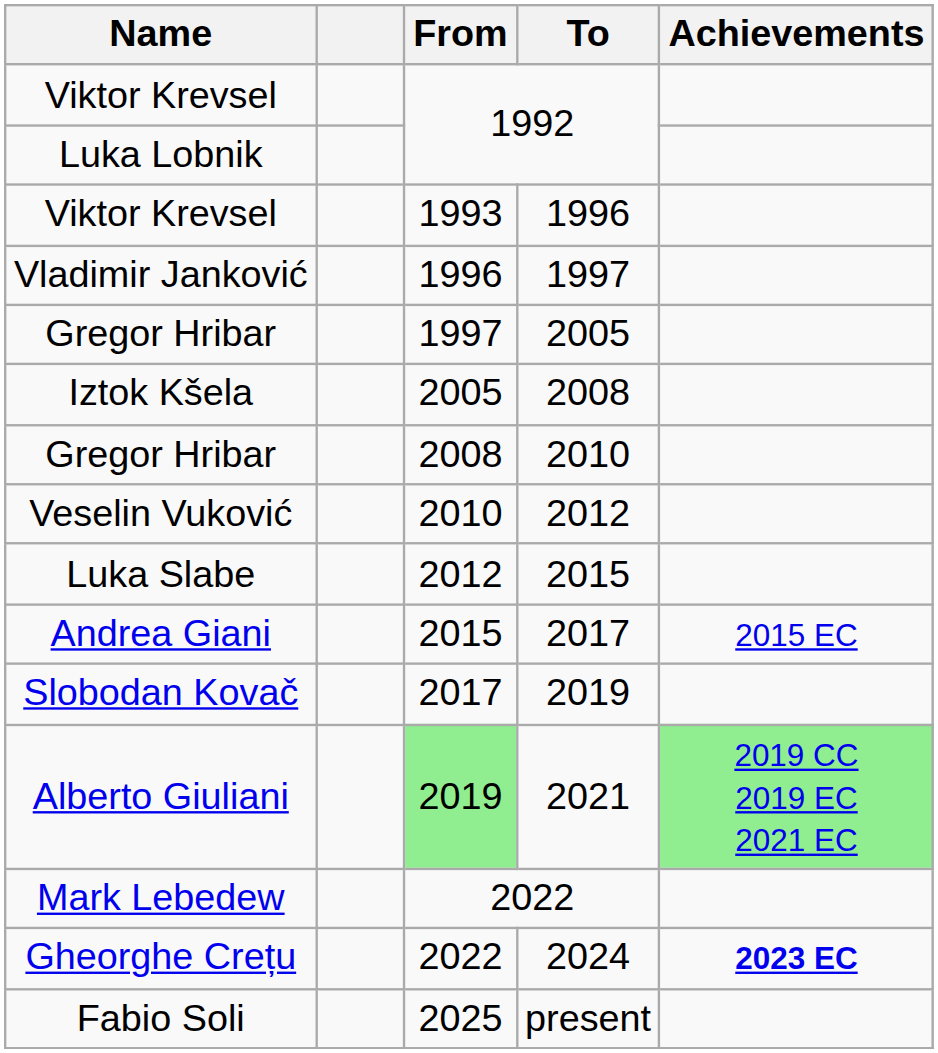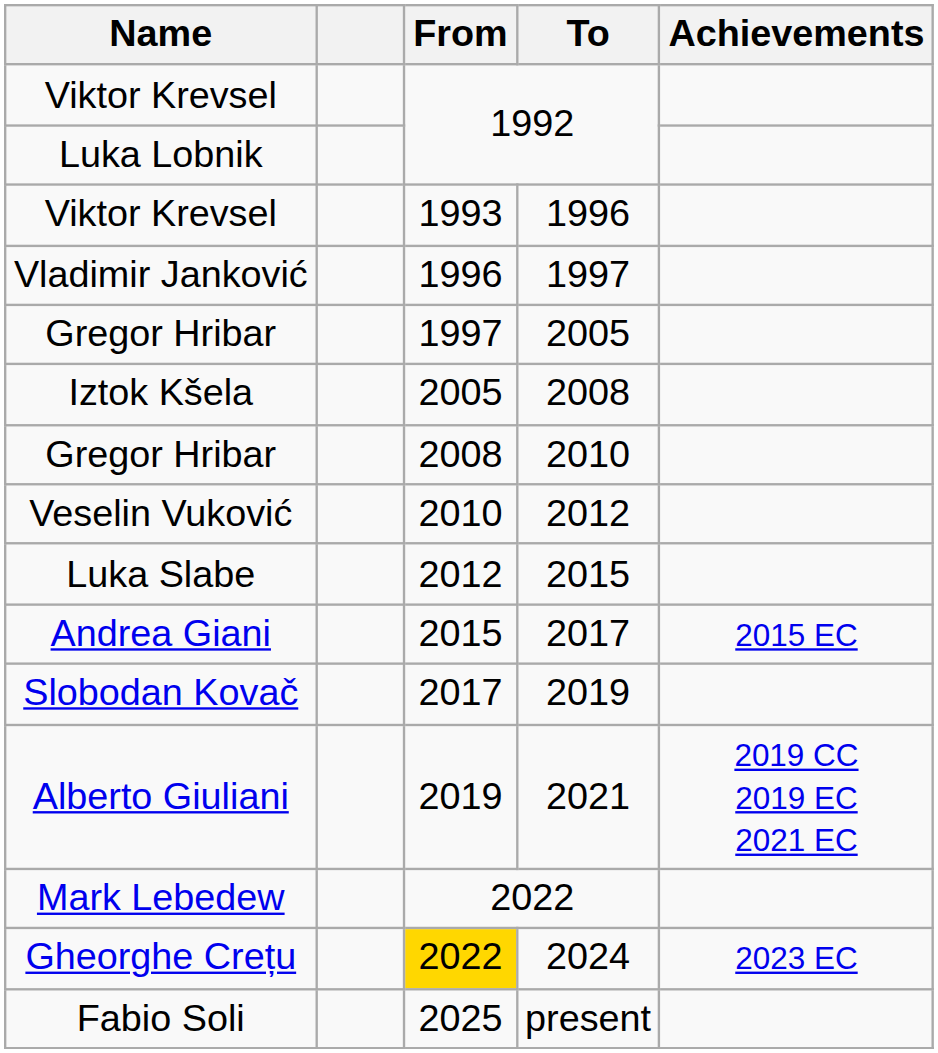 <table class="wikitable" style="text-align: center;">
 <tr>
 <th>Name</th>
 <th style="width: 30px;"></th>
 <th style="width: 30px;">From</th>
 <th style="width: 30px;">To</th>
 <th>Achievements</th>
 </tr>
 <tr>
 <td>Viktor Krevsel</td>
 <td></td>
 <td colspan="2" rowspan="2">1992</td>
 <td></td>
 </tr>
 <tr>
 <td>Luka Lobnik</td>
 <td></td>
 <td></td>
 </tr>
 <tr>
 <td>Viktor Krevsel</td>
 <td></td>
 <td>1993</td>
 <td>1996</td>
 <td></td>
 </tr>
 <tr>
 <td>Vladimir Janković</td>
 <td></td>
 <td>1996</td>
 <td>1997</td>
 <td></td>
 </tr>
 <tr>
 <td>Gregor Hribar</td>
 <td></td>
 <td>1997</td>
 <td>2005</td>
 <td></td>
 </tr>
 <tr>
 <td>Iztok Kšela</td>
 <td></td>
 <td>2005</td>
 <td>2008</td>
 <td></td>
 </tr>
 <tr>
 <td>Gregor Hribar</td>
 <td></td>
 <td>2008</td>
 <td>2010</td>
 <td></td>
 </tr>
 <tr>
 <td>Veselin Vuković</td>
 <td></td>
 <td>2010</td>
 <td>2012</td>
 <td></td>
 </tr>
 <tr>
 <td>Luka Slabe</td>
 <td></td>
 <td>2012</td>
 <td>2015</td>
 <td></td>
 </tr>
 <tr>
 <td><a href='#'>Andrea Giani</a></td>
 <td></td>
 <td>2015</td>
 <td>2017</td>
 <td><small>  <a href='#'>2015 EC</a></small></td>
 </tr>
 <tr>
 <td><a href='#'>Slobodan Kovač</a></td>
 <td></td>
 <td>2017</td>
 <td>2019</td>
 <td></td>
 </tr>
 <tr>
 <td><a href='#'>Alberto Giuliani</a></td>
 <td></td>
-<td style="background: lightgreen;">2019</td>
+<td>2019</td>
 <td>2021</td>
-<td style="background: lightgreen;"><small> <a href='#'>2019 CC</a><br> <a href='#'>2019 EC</a><br> <a href='#'>2021 EC</a></small></td>
+<td><small> <a href='#'>2019 CC</a><br> <a href='#'>2019 EC</a><br> <a href='#'>2021 EC</a></small></td>
 </tr>
 <tr>
 <td><a href='#'>Mark Lebedew</a></td>
 <td></td>
 <td colspan="2">2022</td>
 <td></td>
 </tr>
 <tr>
 <td><a href='#'>Gheorghe Crețu</a></td>
 <td></td>
-<td>2022</td>
+<td style="background: gold;">2022</td>
 <td>2024</td>
-<td><strong><small> <a href='#'>2023 EC</a></small></strong></td>
+<td><small> <a href='#'>2023 EC</a></small></td>
 </tr>
 <tr>
 <td>Fabio Soli</td>
 <td></td>
 <td>2025</td>
 <td>present</td>
 <td></td>
 </tr>
 <tr>
 </tr>
 </table>
